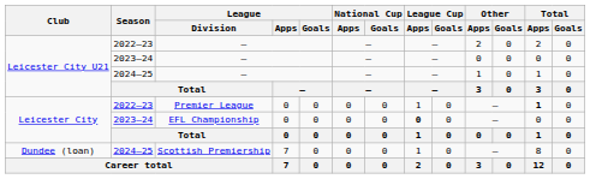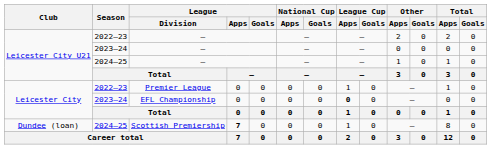 <table class=wikitable style=text-align:center>
 <tr>
 <th rowspan=2>Club</th>
 <th rowspan=2>Season</th>
 <th colspan=3>League</th>
 <th colspan=2>National Cup</th>
 <th colspan=2>League Cup</th>
 <th colspan=2>Other</th>
 <th colspan=2>Total</th>
 </tr>
 <tr>
 <th>Division</th>
 <th>Apps</th>
 <th>Goals</th>
 <th>Apps</th>
 <th>Goals</th>
 <th>Apps</th>
 <th>Goals</th>
 <th>Apps</th>
 <th>Goals</th>
 <th>Apps</th>
 <th>Goals</th>
 </tr>
 <tr>
 <td rowspan=4><a href='#'>Leicester City U21</a></td>
 <td>2022–23</td>
 <td colspan=3>—</td>
 <td colspan=2>—</td>
 <td colspan=2>—</td>
 <td>2</td>
 <td>0</td>
 <td>2</td>
 <td>0</td>
 </tr>
 <tr>
 <td>2023–24</td>
 <td colspan=3>—</td>
 <td colspan=2>—</td>
 <td colspan=2>—</td>
 <td>0</td>
 <td>0</td>
 <td>0</td>
 <td>0</td>
 </tr>
 <tr>
 <td>2024–25</td>
 <td colspan=3>—</td>
 <td colspan=2>—</td>
 <td colspan=2>—</td>
 <td>1</td>
 <td>0</td>
 <td>1</td>
 <td>0</td>
 </tr>
 <tr>
 <th colspan=2>Total</th>
 <th colspan=2>—</th>
 <th colspan=2>—</th>
 <th colspan=2>—</th>
 <th>3</th>
 <th>0</th>
 <th>3</th>
 <th>0</th>
 </tr>
 <tr>
 <td rowspan=3><a href='#'>Leicester City</a></td>
 <td><a href='#'>2022–23</a></td>
 <td><a href='#'>Premier League</a></td>
 <td>0</td>
 <td>0</td>
 <td>0</td>
 <td>0</td>
 <td>1</td>
 <td>0</td>
 <td colspan=2>—</td>
-<td><strong>1</strong></td>
+<td>1</td>
 <td>0</td>
 </tr>
 <tr>
 <td><a href='#'>2023–24</a></td>
 <td><a href='#'>EFL Championship</a></td>
 <td>0</td>
 <td>0</td>
 <td>0</td>
 <td>0</td>
 <td><strong>0</strong></td>
 <td>0</td>
 <td colspan=2>—</td>
 <td>0</td>
 <td>0</td>
 </tr>
 <tr>
 <th colspan=2>Total</th>
 <th>0</th>
 <th>0</th>
 <th>0</th>
 <th>0</th>
 <th>1</th>
 <th>0</th>
 <th>0</th>
 <th>0</th>
 <th>1</th>
 <th>0</th>
 </tr>
 <tr>
 <td><a href='#'>Dundee</a> (loan)</td>
 <td><a href='#'>2024–25</a></td>
 <td><a href='#'>Scottish Premiership</a></td>
-<td>7</td>
+<td><strong>7</strong></td>
 <td>0</td>
 <td>0</td>
 <td>0</td>
 <td>1</td>
 <td>0</td>
 <td colspan=2>—</td>
 <td>8</td>
 <td>0</td>
 </tr>
 <tr>
 <th colspan=3>Career total</th>
 <th>7</th>
 <th>0</th>
 <th>0</th>
 <th>0</th>
 <th>2</th>
 <th>0</th>
 <th>3</th>
 <th>0</th>
 <th>12</th>
 <th>0</th>
 </tr>
 </table>
